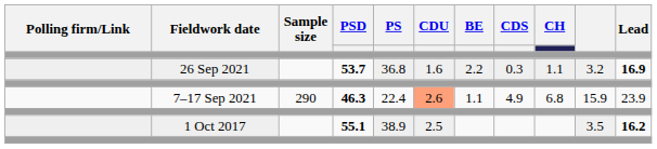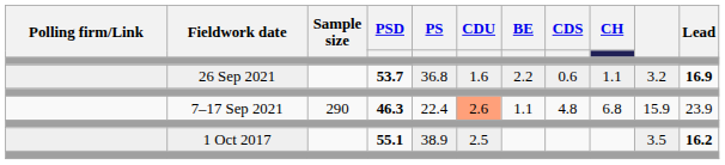 <table class="wikitable sortable mw-datatable" style="text-align:center;font-size:90%;line-height:16px;">
 <tr style="height:42px;">
 <th style="width:145px;" rowspan="2">Polling firm/Link</th>
 <th style="width:125px;" rowspan="2">Fieldwork date</th>
 <th class="unsortable" style="width:50px;" rowspan="2">Sample size</th>
 <th class="unsortable" style="width:35px;"><a href='#'>PSD</a></th>
 <th class="unsortable" style="width:35px;"><a href='#'>PS</a></th>
 <th class="unsortable" style="width:35px;"><a href='#'>CDU</a></th>
 <th class="unsortable" style="width:35px;"><a href='#'>BE</a></th>
 <th class="unsortable" style="width:35px;"><a href='#'>CDS</a></th>
 <th class="unsortable" style="width:35px;"><a href='#'>CH</a></th>
 <th class="unsortable" style="width:35px;" rowspan="2"></th>
 <th class="unsortable" style="width:30px;" rowspan="2">Lead</th>
 </tr>
 <tr>
 <th class="unsortable" style="color:inherit;background:"></th>
 <th class="unsortable" style="color:inherit;background:"></th>
 <th class="unsortable" style="color:inherit;background:"></th>
 <th class="unsortable" style="color:inherit;background:"></th>
 <th class="unsortable" style="color:inherit;background:"></th>
 <th class="sortable" style="background:#202056;"></th>
 </tr>
 <tr>
 <td colspan="12" style="background:#A0A0A0"></td>
 </tr>
 <tr>
 <td style="background:#EFEFEF;"><strong></strong></td>
 <td style="background:#EFEFEF;" data-sort-value="2019-10-06">26 Sep 2021</td>
 <td></td>
 <td><strong>53.7</strong><br></td>
 <td style="background:#EFEFEF;">36.8<br></td>
 <td style="background:#EFEFEF;">1.6<br></td>
 <td style="background:#EFEFEF;">2.2<br></td>
-<td style="background:#EFEFEF;">0.3<br></td>
+<td style="background:#EFEFEF;">0.6<br></td>
 <td style="background:#EFEFEF;">1.1<br></td>
 <td style="background:#EFEFEF;">3.2</td>
 <td style="background:"><strong>16.9</strong></td>
 </tr>
 <tr>
 <td colspan="12" style="background:#A0A0A0"></td>
 </tr>
 <tr>
 <td align="center"></td>
 <td align="center">7–17 Sep 2021</td>
 <td align="center">290</td>
 <td align="center" ><strong>46.3</strong></td>
 <td align="center">22.4</td>
 <td align="center" style="background: lightsalmon;">2.6</td>
 <td align="center">1.1</td>
-<td align="center">4.9</td>
+<td align="center">4.8</td>
 <td align="center">6.8</td>
 <td align="center">15.9</td>
 <td style="background:">23.9</td>
 </tr>
 <tr>
 <td colspan="12" style="background:#A0A0A0"></td>
 </tr>
 <tr>
 <td style="background:#EFEFEF;"><strong></strong></td>
 <td style="background:#EFEFEF;" data-sort-value="2019-10-06">1 Oct 2017</td>
 <td></td>
 <td><strong>55.1</strong><br></td>
 <td style="background:#EFEFEF;">38.9<br></td>
 <td style="background:#EFEFEF;">2.5<br></td>
 <td></td>
 <td></td>
 <td></td>
 <td style="background:#EFEFEF;">3.5</td>
 <td style="background:"><strong>16.2</strong></td>
 </tr>
 <tr>
 <td colspan="12" style="background:#A0A0A0"></td>
 </tr>
 </table>
